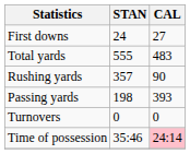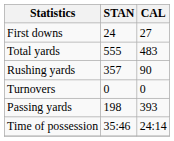 <table class="wikitable">
 <tr>
 <th>Statistics</th>
 <th>STAN</th>
 <th>CAL</th>
 </tr>
 <tr>
 <td>First downs</td>
 <td>24</td>
 <td>27</td>
 </tr>
 <tr>
 <td>Total yards</td>
 <td>555</td>
 <td>483</td>
 </tr>
 <tr>
 <td>Rushing yards</td>
 <td>357</td>
 <td>90</td>
 </tr>
 <tr>
+<td>Turnovers</td>
+<td>0</td>
+<td>0</td>
+</tr>
+<tr>
 <td>Passing yards</td>
 <td>198</td>
 <td>393</td>
 </tr>
 <tr>
-<td>Turnovers</td>
-<td>0</td>
-<td>0</td>
-</tr>
-<tr>
 <td>Time of possession</td>
 <td>35:46</td>
-<td style="background: pink;">24:14</td>
+<td>24:14</td>
 </tr>
 <tr>
 </tr>
 </table>
